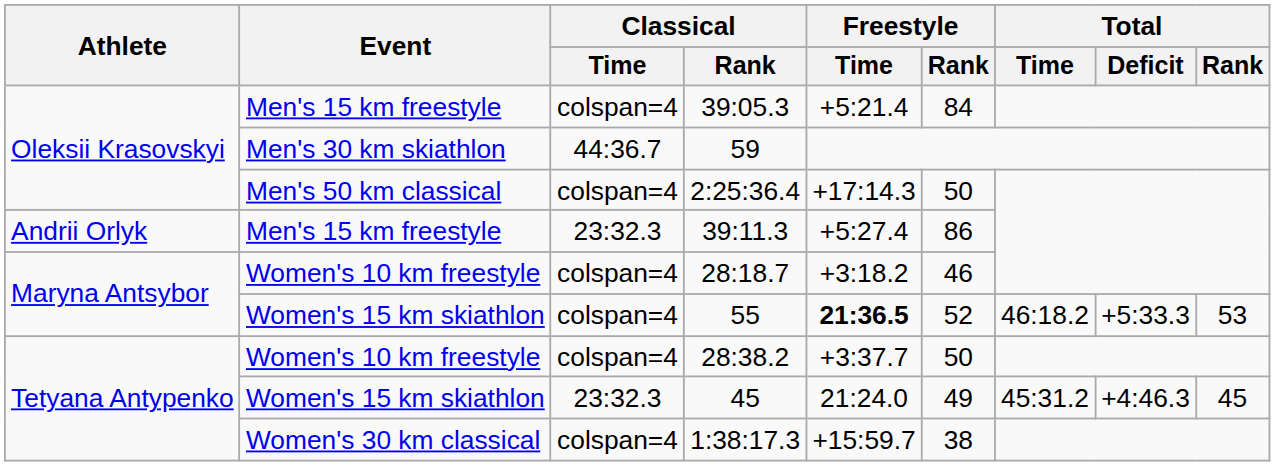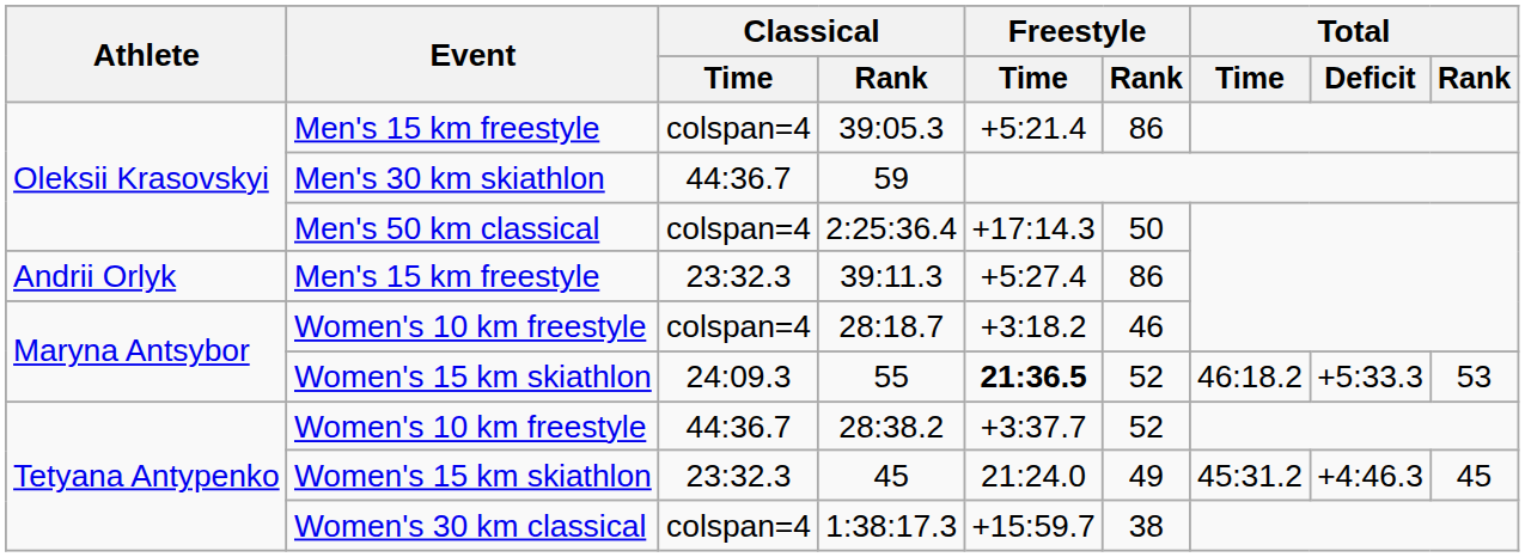 <table class="wikitable" style="font-size:90%">
 <tr>
 <th rowspan=2>Athlete</th>
 <th rowspan=2>Event</th>
 <th colspan=2>Classical</th>
 <th colspan=2>Freestyle</th>
 <th colspan=3>Total</th>
 </tr>
 <tr style="font-size:95%">
 <th>Time</th>
 <th>Rank</th>
 <th>Time</th>
 <th>Rank</th>
 <th>Time</th>
 <th>Deficit</th>
 <th>Rank</th>
 </tr>
 <tr align=center>
 <td align=left rowspan=3><a href='#'>Oleksii Krasovskyi</a></td>
 <td align=left><a href='#'>Men's 15 km freestyle</a></td>
 <td>colspan=4 </td>
 <td>39:05.3</td>
 <td>+5:21.4</td>
-<td>84</td>
+<td>86</td>
 </tr>
 <tr align=center>
 <td align=left><a href='#'>Men's 30 km skiathlon</a></td>
 <td>44:36.7</td>
 <td>59</td>
 <td colspan=5></td>
 </tr>
 <tr align=center>
 <td align=left><a href='#'>Men's 50 km classical</a></td>
 <td>colspan=4 </td>
 <td>2:25:36.4</td>
 <td>+17:14.3</td>
 <td>50</td>
 </tr>
 <tr align=center>
 <td align=left><a href='#'>Andrii Orlyk</a></td>
 <td align=left><a href='#'>Men's 15 km freestyle</a></td>
 <td>23:32.3</td>
 <td>39:11.3</td>
 <td>+5:27.4</td>
 <td>86</td>
 </tr>
 <tr align=center>
 <td align=left rowspan=2><a href='#'>Maryna Antsybor</a></td>
 <td align=left><a href='#'>Women's 10 km freestyle</a></td>
 <td>colspan=4 </td>
 <td>28:18.7</td>
 <td>+3:18.2</td>
 <td>46</td>
 </tr>
 <tr align=center>
 <td align=left><a href='#'>Women's 15 km skiathlon</a></td>
-<td>colspan=4 </td>
+<td>24:09.3</td>
 <td>55</td>
 <td><strong>21:36.5</strong></td>
 <td>52</td>
 <td>46:18.2</td>
 <td>+5:33.3</td>
 <td>53</td>
 </tr>
 <tr align=center>
 <td align=left rowspan=3><a href='#'>Tetyana Antypenko</a></td>
 <td align=left><a href='#'>Women's 10 km freestyle</a></td>
-<td>colspan=4 </td>
+<td>44:36.7</td>
 <td>28:38.2</td>
 <td>+3:37.7</td>
-<td>50</td>
+<td>52</td>
 </tr>
 <tr align=center>
 <td align=left><a href='#'>Women's 15 km skiathlon</a></td>
 <td>23:32.3</td>
 <td>45</td>
 <td>21:24.0</td>
 <td>49</td>
 <td>45:31.2</td>
 <td>+4:46.3</td>
 <td>45</td>
 </tr>
 <tr align=center>
 <td align=left><a href='#'>Women's 30 km classical</a></td>
 <td>colspan=4 </td>
 <td>1:38:17.3</td>
 <td>+15:59.7</td>
 <td>38</td>
 </tr>
 </table>
